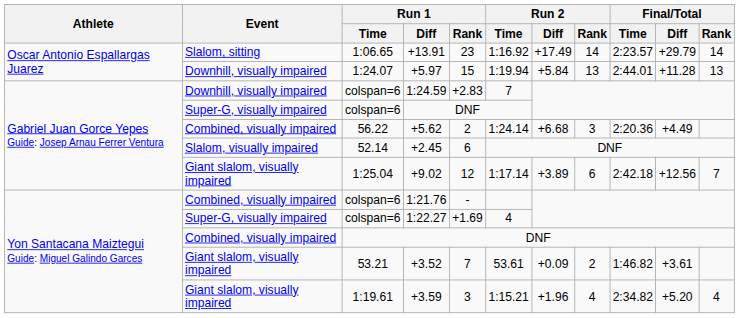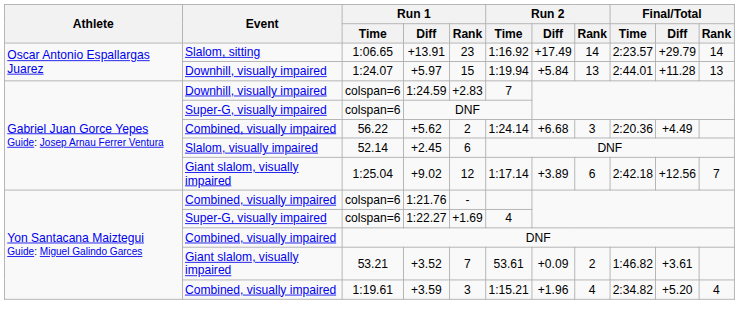 <table class="wikitable" style="font-size:90%">
 <tr>
 <th rowspan="2">Athlete</th>
 <th rowspan="2">Event</th>
 <th colspan="3">Run 1</th>
 <th colspan="3">Run 2</th>
 <th colspan="3">Final/Total</th>
 </tr>
 <tr>
 <th>Time</th>
 <th>Diff</th>
 <th>Rank</th>
 <th>Time</th>
 <th>Diff</th>
 <th>Rank</th>
 <th>Time</th>
 <th>Diff</th>
 <th>Rank</th>
 </tr>
 <tr>
 <td rowspan=2><a href='#'>Oscar Antonio Espallargas Juarez</a></td>
 <td><a href='#'>Slalom, sitting</a></td>
 <td align="center">1:06.65</td>
 <td align="center">+13.91</td>
 <td align="center">23</td>
 <td align="center">1:16.92</td>
 <td align="center">+17.49</td>
 <td align="center">14</td>
 <td align="center">2:23.57</td>
 <td align="center">+29.79</td>
 <td align="center">14</td>
 </tr>
 <tr>
 <td><a href='#'>Downhill, visually impaired</a></td>
 <td align="center">1:24.07</td>
 <td align="center">+5.97</td>
 <td align="center">15</td>
 <td align="center">1:19.94</td>
 <td align="center">+5.84</td>
 <td align="center">13</td>
 <td align="center">2:44.01</td>
 <td align="center">+11.28</td>
 <td align="center">13</td>
 </tr>
 <tr>
 <td rowspan=5><a href='#'>Gabriel Juan Gorce Yepes</a><br><small><a href='#'>Guide</a>: <a href='#'>Josep Arnau Ferrer Ventura</a></small></td>
 <td><a href='#'>Downhill, visually impaired</a></td>
 <td>colspan=6 </td>
 <td align="center">1:24.59</td>
 <td align="center">+2.83</td>
 <td align="center">7</td>
 </tr>
 <tr>
 <td><a href='#'>Super-G, visually impaired</a></td>
 <td>colspan=6 </td>
 <td align="center" colspan=3>DNF</td>
 </tr>
 <tr>
 <td><a href='#'>Combined, visually impaired</a></td>
 <td align="center">56.22</td>
 <td align="center">+5.62</td>
 <td align="center">2</td>
 <td align="center">1:24.14</td>
 <td align="center">+6.68</td>
 <td align="center">3</td>
 <td align="center">2:20.36</td>
 <td align="center">+4.49</td>
 <td align="center"></td>
 </tr>
 <tr>
 <td><a href='#'>Slalom, visually impaired</a></td>
 <td align="center">52.14</td>
 <td align="center">+2.45</td>
 <td align="center">6</td>
 <td align="center" colspan=6>DNF</td>
 </tr>
 <tr>
 <td><a href='#'>Giant slalom, visually impaired</a></td>
 <td align="center">1:25.04</td>
 <td align="center">+9.02</td>
 <td align="center">12</td>
 <td align="center">1:17.14</td>
 <td align="center">+3.89</td>
 <td align="center">6</td>
 <td align="center">2:42.18</td>
 <td align="center">+12.56</td>
 <td align="center">7</td>
 </tr>
 <tr>
 <td rowspan=5><a href='#'>Yon Santacana Maiztegui</a><br><small><a href='#'>Guide</a>: <a href='#'>Miguel Galindo Garces</a></small></td>
 <td><a href='#'>Combined, visually impaired</a></td>
 <td>colspan=6 </td>
 <td align="center">1:21.76</td>
 <td align="center">-</td>
 <td align="center"></td>
 </tr>
 <tr>
 <td><a href='#'>Super-G, visually impaired</a></td>
 <td>colspan=6 </td>
 <td align="center">1:22.27</td>
 <td align="center">+1.69</td>
 <td align="center">4</td>
 </tr>
 <tr>
 <td><a href='#'>Combined, visually impaired</a></td>
 <td align="center" colspan=9>DNF</td>
 </tr>
 <tr>
 <td><a href='#'>Giant slalom, visually impaired</a></td>
 <td align="center">53.21</td>
 <td align="center">+3.52</td>
 <td align="center">7</td>
 <td align="center">53.61</td>
 <td align="center">+0.09</td>
 <td align="center">2</td>
 <td align="center">1:46.82</td>
 <td align="center">+3.61</td>
 <td align="center"></td>
 </tr>
 <tr>
-<td><a href='#'>Giant slalom, visually impaired</a></td>
+<td><a href='#'>Combined, visually impaired</a></td>
 <td align="center">1:19.61</td>
 <td align="center">+3.59</td>
 <td align="center">3</td>
 <td align="center">1:15.21</td>
 <td align="center">+1.96</td>
 <td align="center">4</td>
 <td align="center">2:34.82</td>
 <td align="center">+5.20</td>
 <td align="center">4</td>
 </tr>
 </table>
